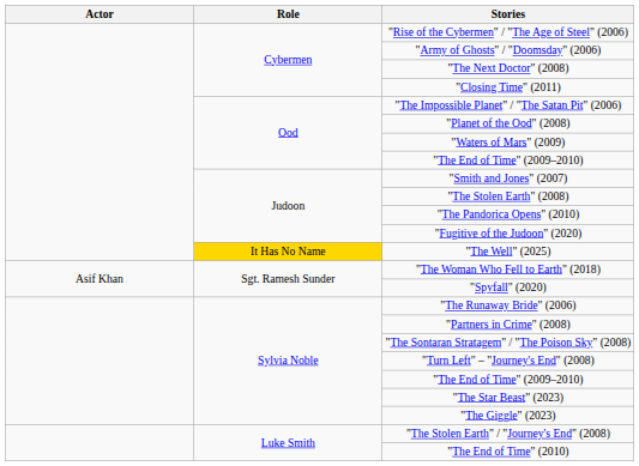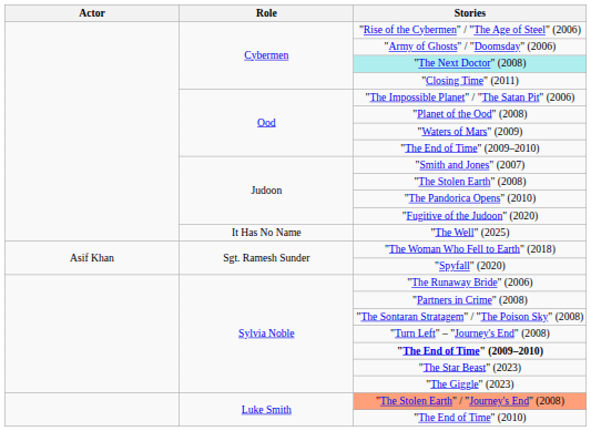 <table class="wikitable plainrowheaders sortable" style="text-align:center; width:99%;">
 <tr>
 <th style="width:30%;">Actor</th>
 <th scope="col" style="width:30%;">Role</th>
 <th scope="col" style="width:40%;">Stories</th>
 </tr>
 <tr>
 <td scope="row" rowspan="13"></td>
 <td rowspan="4"><a href='#'>Cybermen</a></td>
 <td data-sort-value="172a">"<a href='#'>Rise of the Cybermen</a>" / "<a href='#'>The Age of Steel</a>" (2006)</td>
 </tr>
 <tr>
 <td data-sort-value="177a">"<a href='#'>Army of Ghosts</a>" / "<a href='#'>Doomsday</a>" (2006)</td>
 </tr>
 <tr>
-<td data-sort-value="199">"<a href='#'>The Next Doctor</a>" (2008)</td>
+<td data-sort-value="199" style="background: paleturquoise;">"<a href='#'>The Next Doctor</a>" (2008)</td>
 </tr>
 <tr>
 <td data-sort-value="223">"<a href='#'>Closing Time</a>" (2011)</td>
 </tr>
 <tr>
 <td rowspan="4"><a href='#'>Ood</a></td>
 <td data-sort-value="174a">"<a href='#'>The Impossible Planet</a>" / "<a href='#'>The Satan Pit</a>" (2006)</td>
 </tr>
 <tr>
 <td data-sort-value="191">"<a href='#'>Planet of the Ood</a>" (2008)</td>
 </tr>
 <tr>
 <td data-sort-value="201">"<a href='#'>Waters of Mars</a>" (2009)</td>
 </tr>
 <tr>
 <td data-sort-value="202">"<a href='#'>The End of Time</a>" (2009–2010)</td>
 </tr>
 <tr>
 <td rowspan="4">Judoon</td>
 <td data-sort-value="179">"<a href='#'>Smith and Jones</a>" (2007)</td>
 </tr>
 <tr>
 <td data-sort-value="198a">"<a href='#'>The Stolen Earth</a>" (2008)</td>
 </tr>
 <tr>
 <td data-sort-value="212a">"<a href='#'>The Pandorica Opens</a>" (2010)</td>
 </tr>
 <tr>
 <td data-sort-value="291">"<a href='#'>Fugitive of the Judoon</a>" (2020)</td>
 </tr>
 <tr>
-<td style="background: gold;">It Has No Name</td>
+<td>It Has No Name</td>
 <td data-sort-value="315">"<a href='#'>The Well</a>" (2025)</td>
 </tr>
 <tr>
 <td rowspan="2">Asif Khan</td>
 <td rowspan="2">Sgt. Ramesh Sunder</td>
 <td data-sort-value="277">"<a href='#'>The Woman Who Fell to Earth</a>" (2018)</td>
 </tr>
 <tr>
 <td data-sort-value="288">"<a href='#'>Spyfall</a>" (2020)</td>
 </tr>
 <tr>
 <td rowspan="7" scope="row"></td>
 <td rowspan="7"><a href='#'>Sylvia Noble</a></td>
 <td data-sort-value="178">"<a href='#'>The Runaway Bride</a>" (2006)</td>
 </tr>
 <tr>
 <td data-sort-value="189">"<a href='#'>Partners in Crime</a>" (2008)</td>
 </tr>
 <tr>
 <td data-sort-value="192a">"<a href='#'>The Sontaran Stratagem</a>" / "<a href='#'>The Poison Sky</a>" (2008)</td>
 </tr>
 <tr>
 <td data-sort-value="197">"<a href='#'>Turn Left</a>" – "<a href='#'>Journey's End</a>" (2008)</td>
 </tr>
 <tr>
-<td data-sort-value="202">"<a href='#'>The End of Time</a>" (2009–2010)</td>
+<td data-sort-value="202"><strong>"<a href='#'>The End of Time</a>" (2009–2010)</strong></td>
 </tr>
 <tr>
 <td data-sort-value="301">"<a href='#'>The Star Beast</a>" (2023)</td>
 </tr>
 <tr>
 <td data-sort-value="303">"<a href='#'>The Giggle</a>" (2023)</td>
 </tr>
 <tr>
 <td scope="row" rowspan="2"></td>
 <td rowspan="2"><a href='#'>Luke Smith</a></td>
-<td data-sort-value="198a">"<a href='#'>The Stolen Earth</a>" / "<a href='#'>Journey's End</a>" (2008)</td>
+<td data-sort-value="198a" style="background: lightsalmon;">"<a href='#'>The Stolen Earth</a>" / "<a href='#'>Journey's End</a>" (2008)</td>
 </tr>
 <tr>
 <td data-sort-value="202">"<a href='#'>The End of Time</a>" (2010)</td>
 </tr>
 </table>
